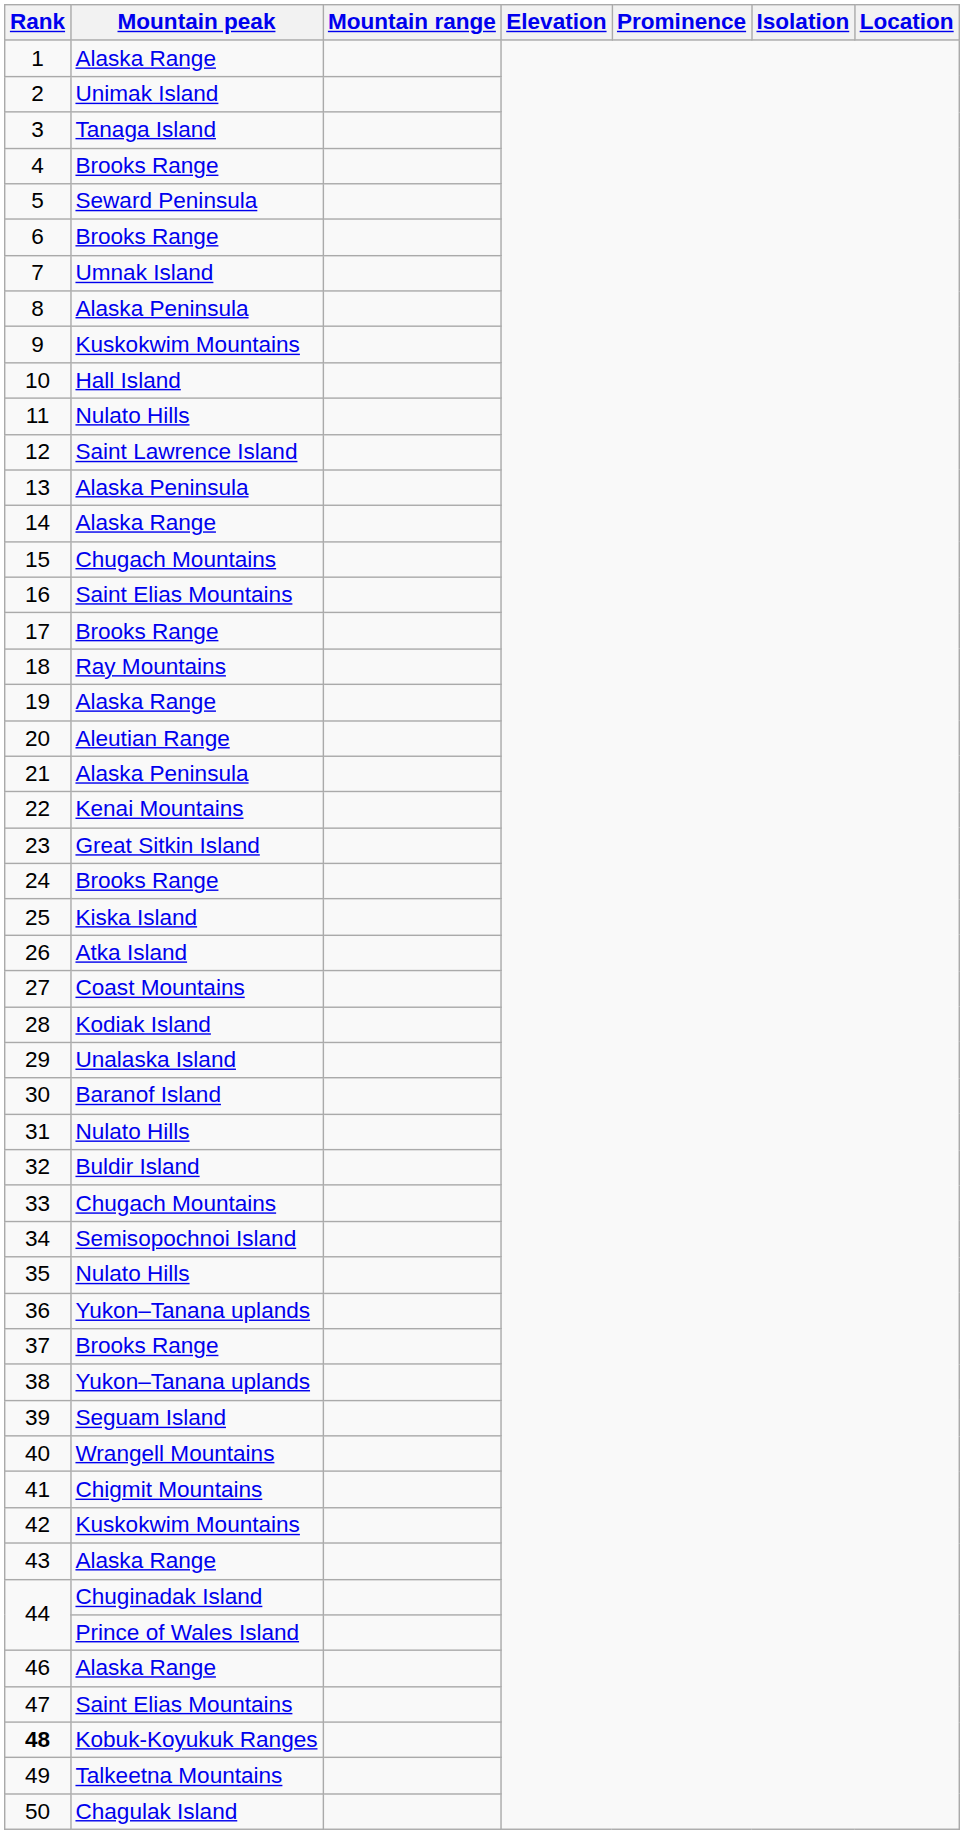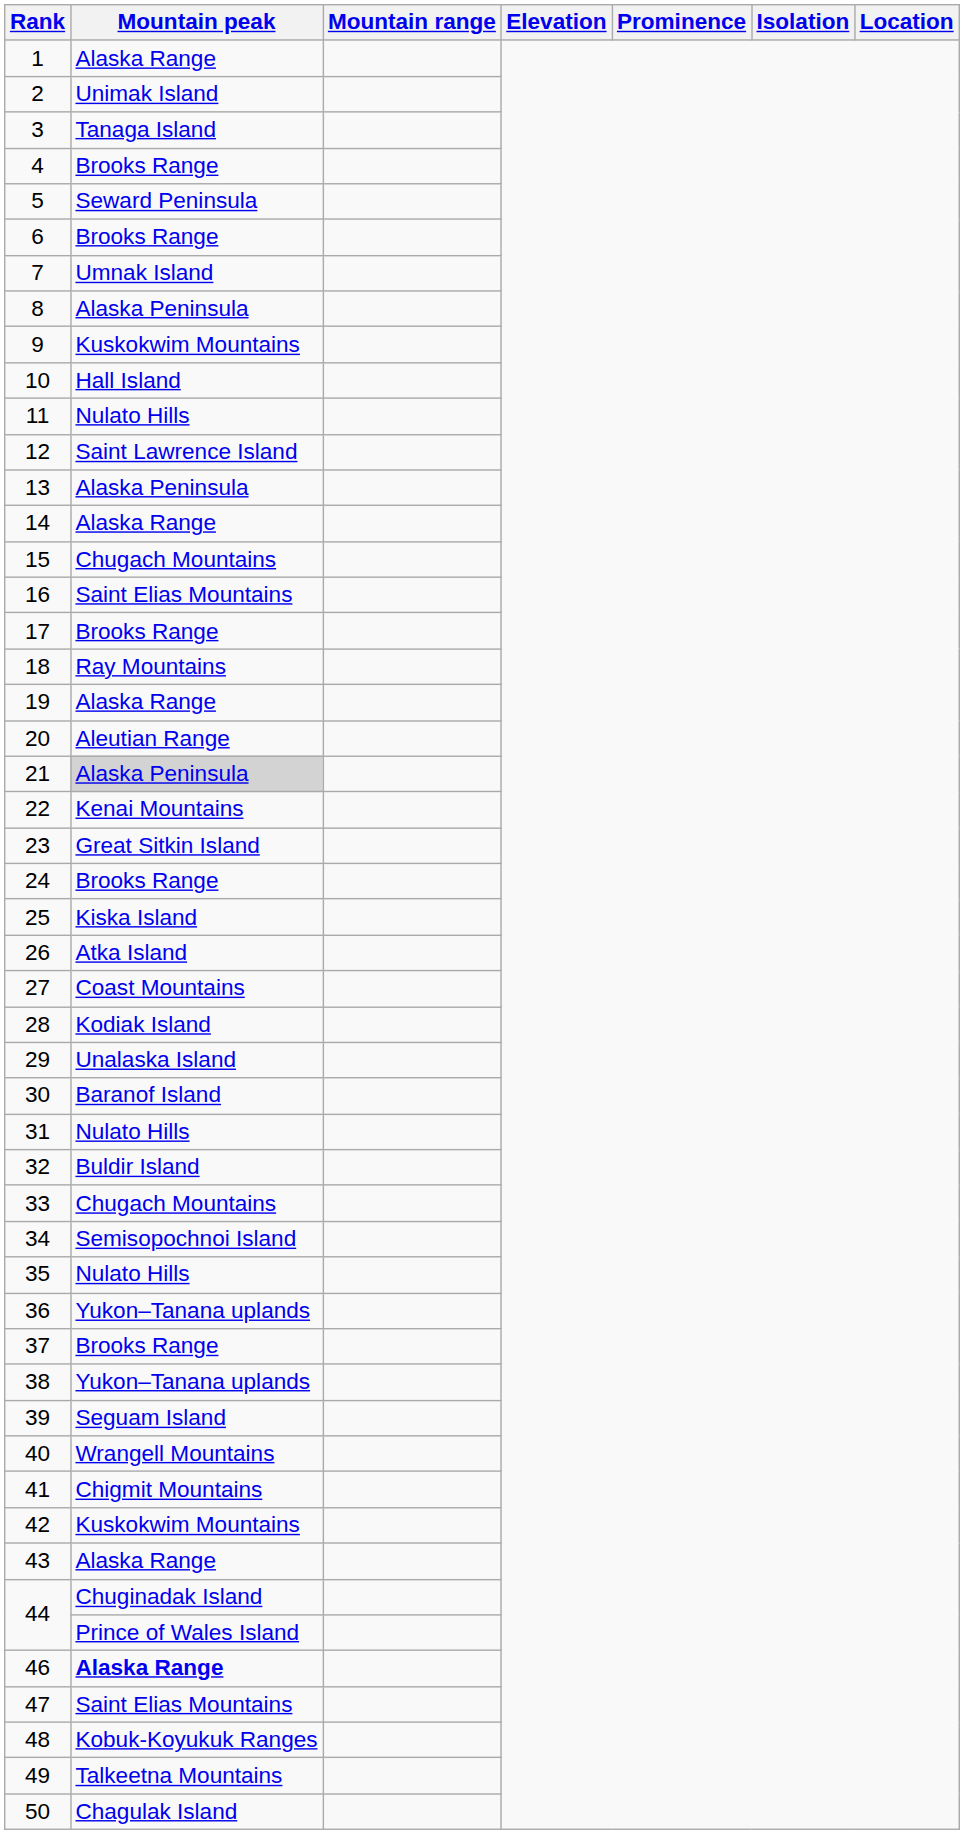 <table class="wikitable sortable">
 <tr>
 <th><a href='#'>Rank</a></th>
 <th><a href='#'>Mountain peak</a></th>
 <th><a href='#'>Mountain range</a></th>
 <th><a href='#'>Elevation</a></th>
 <th><a href='#'>Prominence</a></th>
 <th><a href='#'>Isolation</a></th>
 <th><a href='#'>Location</a></th>
 </tr>
 <tr>
 <td align=center>1<br></td>
 <td><a href='#'>Alaska Range</a><br></td>
 <td></td>
 </tr>
 <tr>
 <td align=center>2<br></td>
 <td><a href='#'>Unimak Island</a><br></td>
 <td></td>
 </tr>
 <tr>
 <td align=center>3<br></td>
 <td><a href='#'>Tanaga Island</a><br></td>
 <td></td>
 </tr>
 <tr>
 <td align=center>4<br></td>
 <td><a href='#'>Brooks Range</a><br></td>
 <td></td>
 </tr>
 <tr>
 <td align=center>5<br></td>
 <td><a href='#'>Seward Peninsula</a><br></td>
 <td></td>
 </tr>
 <tr>
 <td align=center>6<br></td>
 <td><a href='#'>Brooks Range</a><br></td>
 <td></td>
 </tr>
 <tr>
 <td align=center>7<br></td>
 <td><a href='#'>Umnak Island</a><br></td>
 <td></td>
 </tr>
 <tr>
 <td align=center>8<br></td>
 <td><a href='#'>Alaska Peninsula</a><br></td>
 <td></td>
 </tr>
 <tr>
 <td align=center>9<br></td>
 <td><a href='#'>Kuskokwim Mountains</a><br></td>
 <td></td>
 </tr>
 <tr>
 <td align=center>10<br></td>
 <td><a href='#'>Hall Island</a><br></td>
 <td></td>
 </tr>
 <tr>
 <td align=center>11<br></td>
 <td><a href='#'>Nulato Hills</a><br></td>
 <td></td>
 </tr>
 <tr>
 <td align=center>12<br></td>
 <td><a href='#'>Saint Lawrence Island</a><br></td>
 <td></td>
 </tr>
 <tr>
 <td align=center>13<br></td>
 <td><a href='#'>Alaska Peninsula</a><br></td>
 <td></td>
 </tr>
 <tr>
 <td align=center>14<br></td>
 <td><a href='#'>Alaska Range</a><br></td>
 <td></td>
 </tr>
 <tr>
 <td align=center>15<br></td>
 <td><a href='#'>Chugach Mountains</a><br></td>
 <td></td>
 </tr>
 <tr>
 <td align=center>16<br></td>
 <td><a href='#'>Saint Elias Mountains</a><br></td>
 <td></td>
 </tr>
 <tr>
 <td align=center>17<br></td>
 <td><a href='#'>Brooks Range</a><br></td>
 <td></td>
 </tr>
 <tr>
 <td align=center>18<br></td>
 <td><a href='#'>Ray Mountains</a><br></td>
 <td></td>
 </tr>
 <tr>
 <td align=center>19<br></td>
 <td><a href='#'>Alaska Range</a><br></td>
 <td></td>
 </tr>
 <tr>
 <td align=center>20<br></td>
 <td><a href='#'>Aleutian Range</a><br></td>
 <td></td>
 </tr>
 <tr>
 <td align=center>21<br></td>
-<td><a href='#'>Alaska Peninsula</a><br></td>
+<td style="background: lightgrey;"><a href='#'>Alaska Peninsula</a><br></td>
 <td></td>
 </tr>
 <tr>
 <td align=center>22<br></td>
 <td><a href='#'>Kenai Mountains</a><br></td>
 <td></td>
 </tr>
 <tr>
 <td align=center>23<br></td>
 <td><a href='#'>Great Sitkin Island</a><br></td>
 <td></td>
 </tr>
 <tr>
 <td align=center>24<br></td>
 <td><a href='#'>Brooks Range</a><br></td>
 <td></td>
 </tr>
 <tr>
 <td align=center>25<br></td>
 <td><a href='#'>Kiska Island</a><br></td>
 <td></td>
 </tr>
 <tr>
 <td align=center>26<br></td>
 <td><a href='#'>Atka Island</a><br></td>
 <td></td>
 </tr>
 <tr>
 <td align=center>27<br></td>
 <td><a href='#'>Coast Mountains</a><br></td>
 <td></td>
 </tr>
 <tr>
 <td align=center>28<br></td>
 <td><a href='#'>Kodiak Island</a><br></td>
 <td></td>
 </tr>
 <tr>
 <td align=center>29<br></td>
 <td><a href='#'>Unalaska Island</a><br></td>
 <td></td>
 </tr>
 <tr>
 <td align=center>30<br></td>
 <td><a href='#'>Baranof Island</a><br></td>
 <td></td>
 </tr>
 <tr>
 <td align=center>31<br></td>
 <td><a href='#'>Nulato Hills</a><br></td>
 <td></td>
 </tr>
 <tr>
 <td align=center>32<br></td>
 <td><a href='#'>Buldir Island</a><br></td>
 <td></td>
 </tr>
 <tr>
 <td align=center>33<br></td>
 <td><a href='#'>Chugach Mountains</a><br></td>
 <td></td>
 </tr>
 <tr>
 <td align=center>34<br></td>
 <td><a href='#'>Semisopochnoi Island</a><br></td>
 <td></td>
 </tr>
 <tr>
 <td align=center>35<br></td>
 <td><a href='#'>Nulato Hills</a><br></td>
 <td></td>
 </tr>
 <tr>
 <td align=center>36<br></td>
 <td><a href='#'>Yukon–Tanana uplands</a><br></td>
 <td></td>
 </tr>
 <tr>
 <td align=center>37<br></td>
 <td><a href='#'>Brooks Range</a><br></td>
 <td></td>
 </tr>
 <tr>
 <td align=center>38<br></td>
 <td><a href='#'>Yukon–Tanana uplands</a><br></td>
 <td></td>
 </tr>
 <tr>
 <td align=center>39<br></td>
 <td><a href='#'>Seguam Island</a><br></td>
 <td></td>
 </tr>
 <tr>
 <td align=center>40<br></td>
 <td><a href='#'>Wrangell Mountains</a><br></td>
 <td></td>
 </tr>
 <tr>
 <td align=center>41<br></td>
 <td><a href='#'>Chigmit Mountains</a><br></td>
 <td></td>
 </tr>
 <tr>
 <td align=center>42<br></td>
 <td><a href='#'>Kuskokwim Mountains</a><br></td>
 <td></td>
 </tr>
 <tr>
 <td align=center>43<br></td>
 <td><a href='#'>Alaska Range</a><br></td>
 <td></td>
 </tr>
 <tr>
 <td align=center rowspan=2>44<br></td>
 <td><a href='#'>Chuginadak Island</a><br></td>
 <td></td>
 </tr>
 <tr>
 <td><a href='#'>Prince of Wales Island</a><br></td>
 <td></td>
 </tr>
 <tr>
 <td align=center>46<br></td>
-<td><a href='#'>Alaska Range</a><br></td>
+<td><strong><a href='#'>Alaska Range</a><br></strong></td>
 <td></td>
 </tr>
 <tr>
 <td align=center>47<br></td>
 <td><a href='#'>Saint Elias Mountains</a><br></td>
 <td></td>
 </tr>
 <tr>
-<td align=center><strong>48<br></strong></td>
+<td align=center>48<br></td>
 <td><a href='#'>Kobuk-Koyukuk Ranges</a><br></td>
 <td></td>
 </tr>
 <tr>
 <td align=center>49<br></td>
 <td><a href='#'>Talkeetna Mountains</a><br></td>
 <td></td>
 </tr>
 <tr>
 <td align=center>50<br></td>
 <td><a href='#'>Chagulak Island</a><br></td>
 <td></td>
 </tr>
 </table>
